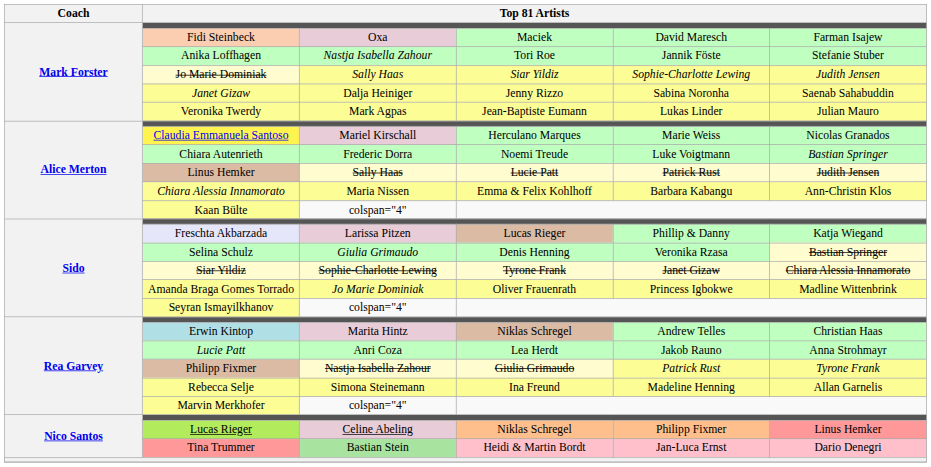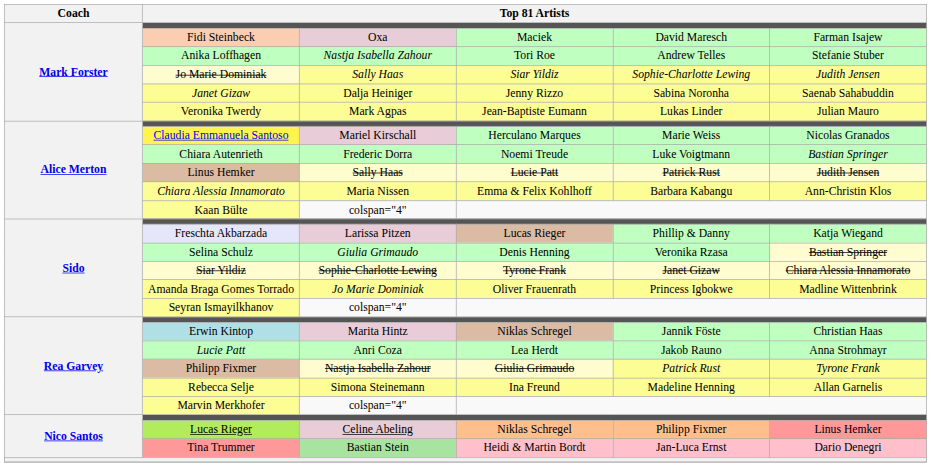 <table class="wikitable" style="text-align:center; width:100%;">
 <tr>
 <th scope="col" style="width:15%;">Coach</th>
 <th scope="col" style="width:85%;" colspan="5">Top 81 Artists</th>
 </tr>
 <tr>
 <th rowspan="6"><a href='#'>Mark Forster</a></th>
 <td colspan=5 style="background:#555555;"></td>
 </tr>
 <tr>
 <td width="17%" style="background:#FBCEB1;">Fidi Steinbeck</td>
 <td width="17%" style="background:#E8CCD7;">Oxa</td>
 <td width="17%" style="background:#BFFFC0;">Maciek</td>
 <td width="17%" style="background:#BFFFC0;">David Maresch</td>
 <td width="17%" style="background:#BFFFC0;">Farman Isajew</td>
 </tr>
 <tr>
 <td style="background:#BFFFC0;">Anika Loffhagen</td>
 <td style="background:#BFFFC0;"><em>Nastja Isabella Zahour</em></td>
 <td style="background:#BFFFC0;">Tori Roe</td>
-<td style="background:#BFFFC0;">Jannik Föste</td>
+<td style="background:#BFFFC0;">Andrew Telles</td>
 <td style="background:#BFFFC0;">Stefanie Stuber</td>
 </tr>
 <tr>
 <td style="background:#FFFDD0;"><s>Jo Marie Dominiak</s></td>
 <td style="background:#FDFD96;"><em>Sally Haas</em></td>
 <td style="background:#FDFD96;"><em>Siar Yildiz</em></td>
 <td style="background:#FDFD96;"><em>Sophie-Charlotte Lewing</em></td>
 <td style="background:#FDFD96;"><em>Judith Jensen</em></td>
 </tr>
 <tr>
 <td style="background:#FDFD96;"><em>Janet Gizaw</em></td>
 <td style="background:#FDFD96;">Dalja Heiniger</td>
 <td style="background:#FDFD96;">Jenny Rizzo</td>
 <td style="background:#FDFD96;">Sabina Noronha</td>
 <td style="background:#FDFD96;">Saenab Sahabuddin</td>
 </tr>
 <tr>
 <td style="background:#FDFD96;">Veronika Twerdy</td>
 <td style="background:#FDFD96;">Mark Agpas</td>
 <td style="background:#FDFD96;">Jean-Baptiste Eumann</td>
 <td style="background:#FDFD96;">Lukas Linder</td>
 <td style="background:#FDFD96;">Julian Mauro</td>
 </tr>
 <tr>
 <th scope="row" rowspan="6"><a href='#'>Alice Merton</a></th>
 <td colspan=5 style="background:#555555;"></td>
 </tr>
 <tr>
 <td style="background:#FFF44F;"><a href='#'>Claudia Emmanuela Santoso</a></td>
 <td style="background:#E8CCD7;">Mariel Kirschall</td>
 <td style="background:#BFFFC0;">Herculano Marques</td>
 <td style="background:#BFFFC0;">Marie Weiss</td>
 <td style="background:#BFFFC0;">Nicolas Granados</td>
 </tr>
 <tr>
 <td style="background:#BFFFC0;">Chiara Autenrieth</td>
 <td style="background:#BFFFC0;">Frederic Dorra</td>
 <td style="background:#BFFFC0;">Noemi Treude</td>
 <td style="background:#BFFFC0;">Luke Voigtmann</td>
 <td style="background:#BFFFC0;"><em>Bastian Springer</em></td>
 </tr>
 <tr>
 <td style="background:#dbbba4;">Linus Hemker</td>
 <td style="background:#FFFDD0;"><s>Sally Haas</s></td>
 <td style="background:#FFFDD0;"><s>Lucie Patt</s></td>
 <td style="background:#FFFDD0;"><s>Patrick Rust</s></td>
 <td style="background:#FFFDD0;"><s>Judith Jensen</s></td>
 </tr>
 <tr>
 <td style="background:#FDFD96;"><em>Chiara Alessia Innamorato</em></td>
 <td style="background:#FDFD96;">Maria Nissen</td>
 <td style="background:#FDFD96;">Emma & Felix Kohlhoff</td>
 <td style="background:#FDFD96;">Barbara Kabangu</td>
 <td style="background:#FDFD96;">Ann-Christin Klos</td>
 </tr>
 <tr>
 <td style="background:#FDFD96;">Kaan Bülte</td>
 <td>colspan="4" </td>
 </tr>
 <tr>
 <th scope="row" rowspan="6"><a href='#'>Sido</a></th>
 <td colspan=5 style="background:#555555;"></td>
 </tr>
 <tr>
 <td style="background:lavender;">Freschta Akbarzada</td>
 <td style="background:#E8CCD7;">Larissa Pitzen</td>
 <td style="background:#dbbba4;">Lucas Rieger</td>
 <td style="background:#BFFFC0;">Phillip & Danny</td>
 <td style="background:#BFFFC0;">Katja Wiegand</td>
 </tr>
 <tr>
 <td style="background:#BFFFC0;">Selina Schulz</td>
 <td style="background:#BFFFC0;"><em>Giulia Grimaudo</em></td>
 <td style="background:#BFFFC0;">Denis Henning</td>
 <td style="background:#BFFFC0;">Veronika Rzasa</td>
 <td style="background:#FFFDD0;"><s>Bastian Springer</s></td>
 </tr>
 <tr>
 <td style="background:#FFFDD0;"><s>Siar Yildiz</s></td>
 <td style="background:#FFFDD0;"><s>Sophie-Charlotte Lewing</s></td>
 <td style="background:#FFFDD0;"><s>Tyrone Frank</s></td>
 <td style="background:#FFFDD0;"><s>Janet Gizaw</s></td>
 <td style="background:#FFFDD0;"><s>Chiara Alessia Innamorato</s></td>
 </tr>
 <tr>
 <td style="background:#FDFD96;">Amanda Braga Gomes Torrado</td>
 <td style="background:#FDFD96;"><em>Jo Marie Dominiak</em></td>
 <td style="background:#FDFD96;">Oliver Frauenrath</td>
 <td style="background:#FDFD96;">Princess Igbokwe</td>
 <td style="background:#FDFD96;">Madline Wittenbrink</td>
 </tr>
 <tr>
 <td style="background:#FDFD96;">Seyran Ismayilkhanov</td>
 <td>colspan="4" </td>
 </tr>
 <tr>
 <th scope="row" rowspan="6"><a href='#'>Rea Garvey</a></th>
 <td colspan=5 style="background:#555555;"></td>
 </tr>
 <tr>
 <td style="background:#B0E0E6;">Erwin Kintop</td>
 <td style="background:#E8CCD7;">Marita Hintz</td>
 <td style="background:#dbbba4;">Niklas Schregel</td>
-<td style="background:#BFFFC0;">Andrew Telles</td>
+<td style="background:#BFFFC0;">Jannik Föste</td>
 <td style="background:#BFFFC0;">Christian Haas</td>
 </tr>
 <tr>
 <td style="background:#BFFFC0;"><em>Lucie Patt</em></td>
 <td style="background:#BFFFC0;">Anri Coza</td>
 <td style="background:#BFFFC0;">Lea Herdt</td>
 <td style="background:#BFFFC0;">Jakob Rauno</td>
 <td style="background:#BFFFC0;">Anna Strohmayr</td>
 </tr>
 <tr>
 <td style="background:#dbbba4;">Philipp Fixmer</td>
 <td style="background:#FFFDD0;"><s>Nastja Isabella Zahour</s></td>
 <td style="background:#FFFDD0;"><s>Giulia Grimaudo</s></td>
 <td style="background:#FDFD96;"><em>Patrick Rust</em></td>
 <td style="background:#FDFD96;"><em>Tyrone Frank</em></td>
 </tr>
 <tr>
 <td style="background:#FDFD96;">Rebecca Selje</td>
 <td style="background:#FDFD96;">Simona Steinemann</td>
 <td style="background:#FDFD96;">Ina Freund</td>
 <td style="background:#FDFD96;">Madeline Henning</td>
 <td style="background:#FDFD96;">Allan Garnelis</td>
 </tr>
 <tr>
 <td style="background:#FDFD96;">Marvin Merkhofer</td>
 <td>colspan="4" </td>
 </tr>
 <tr>
 <th scope="row" rowspan="3"><a href='#'>Nico Santos</a></th>
 <td colspan=5 style="background:#555555;"></td>
 </tr>
 <tr>
 <td style="background:#B2EC5D;"><u><span>Lucas Rieger</span></u></td>
 <td style="background:#E8CCD7;"><u>Celine Abeling</u></td>
 <td style="background:#FFBF8C;"><span>Niklas Schregel</span></td>
 <td style="background:#FFBF8C;"><span>Philipp Fixmer</span></td>
 <td style="background:#FF9999;"><span>Linus Hemker</span></td>
 </tr>
 <tr>
 <td style="background:#FF9999;">Tina Trummer</td>
 <td style="background:#A8E4A0;">Bastian Stein</td>
 <td style="background:pink;">Heidi & Martin Bordt</td>
 <td style="background:pink;">Jan-Luca Ernst</td>
 <td style="background:pink;">Dario Denegri</td>
 </tr>
 <tr>
 <th style="font-size:90%; line-height:12px;" colspan="6"><small></small></th>
 </tr>
 <tr>
 </tr>
 </table>
